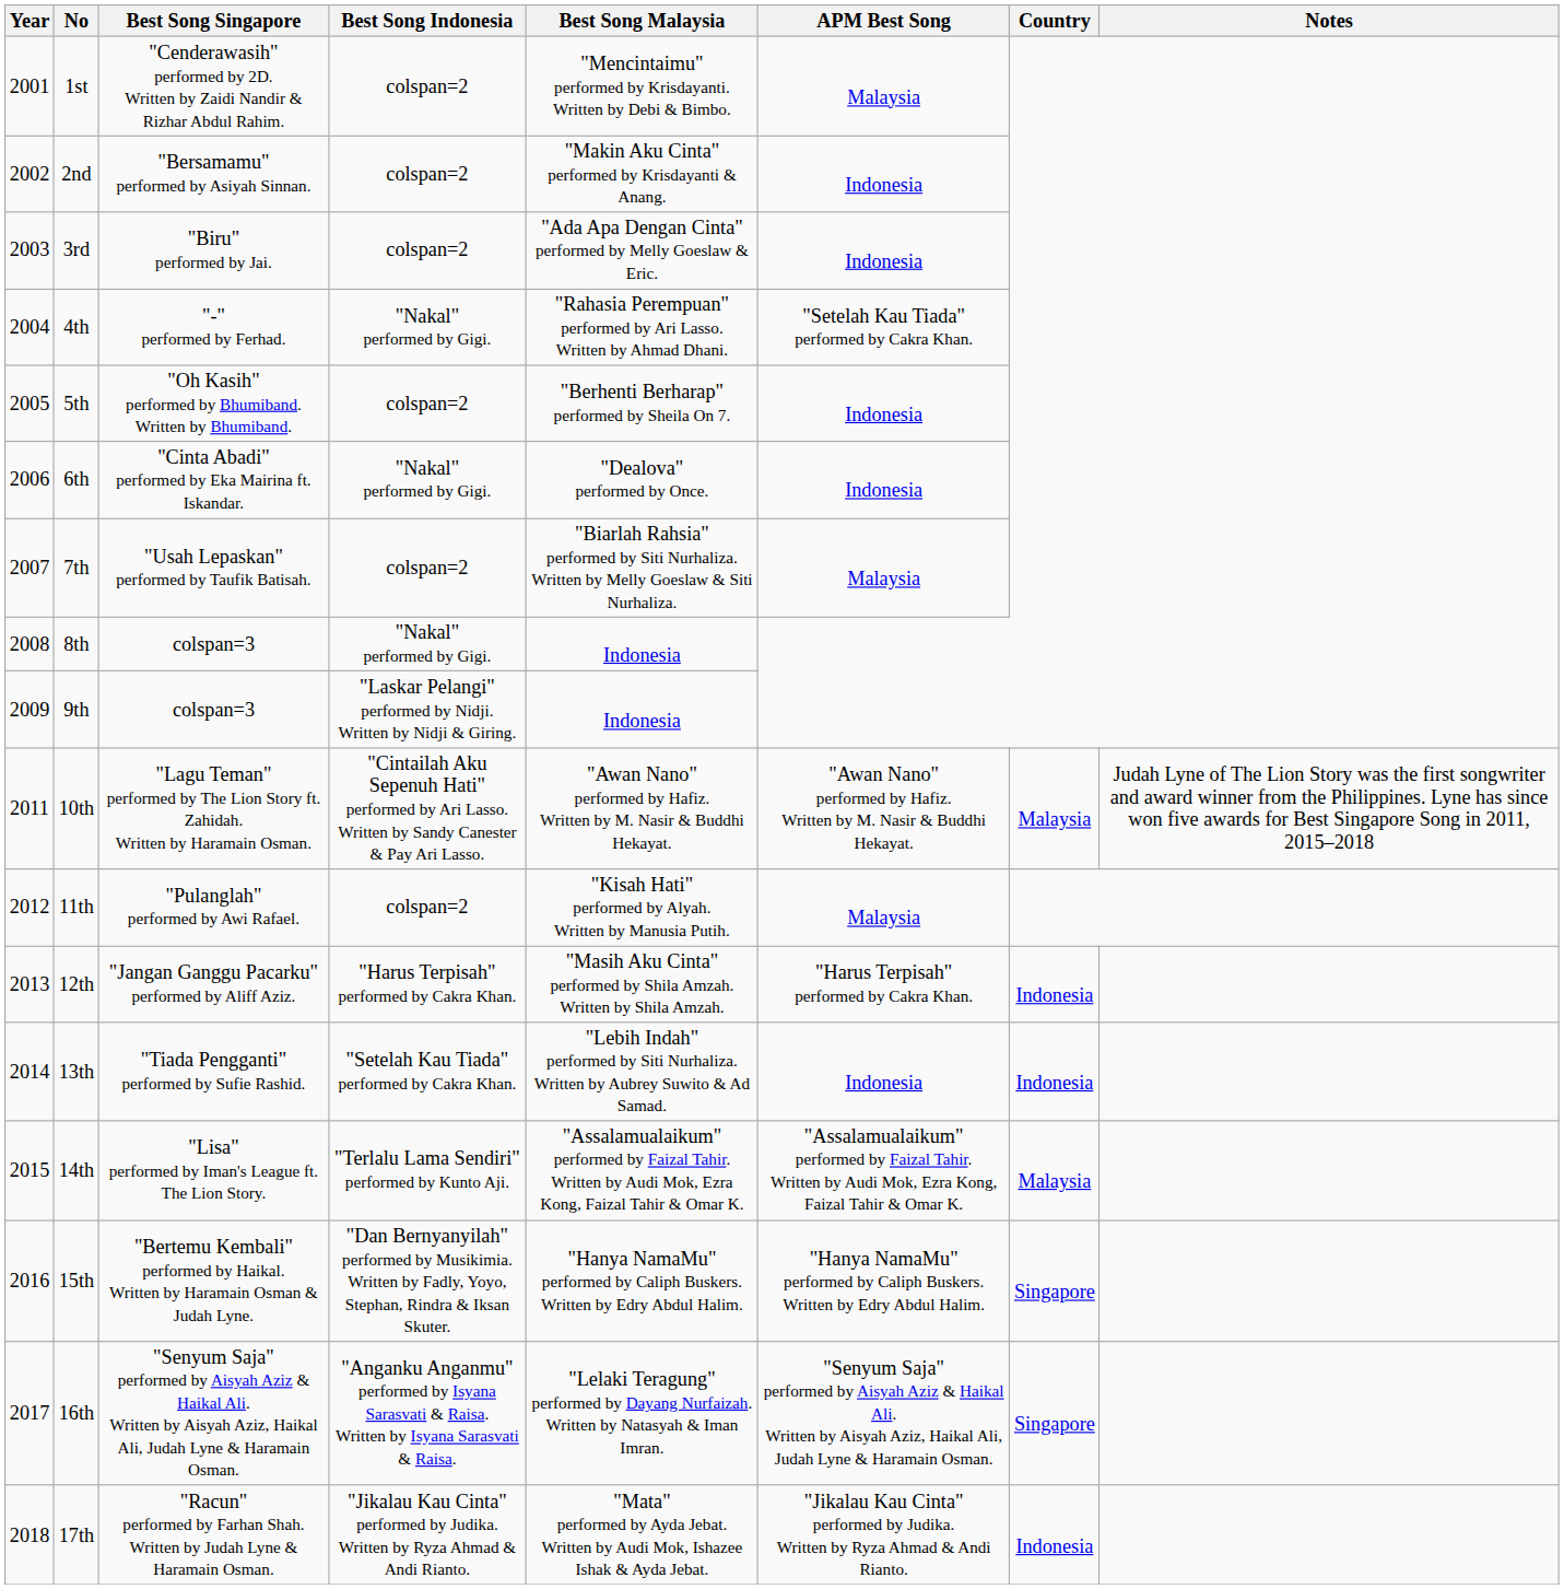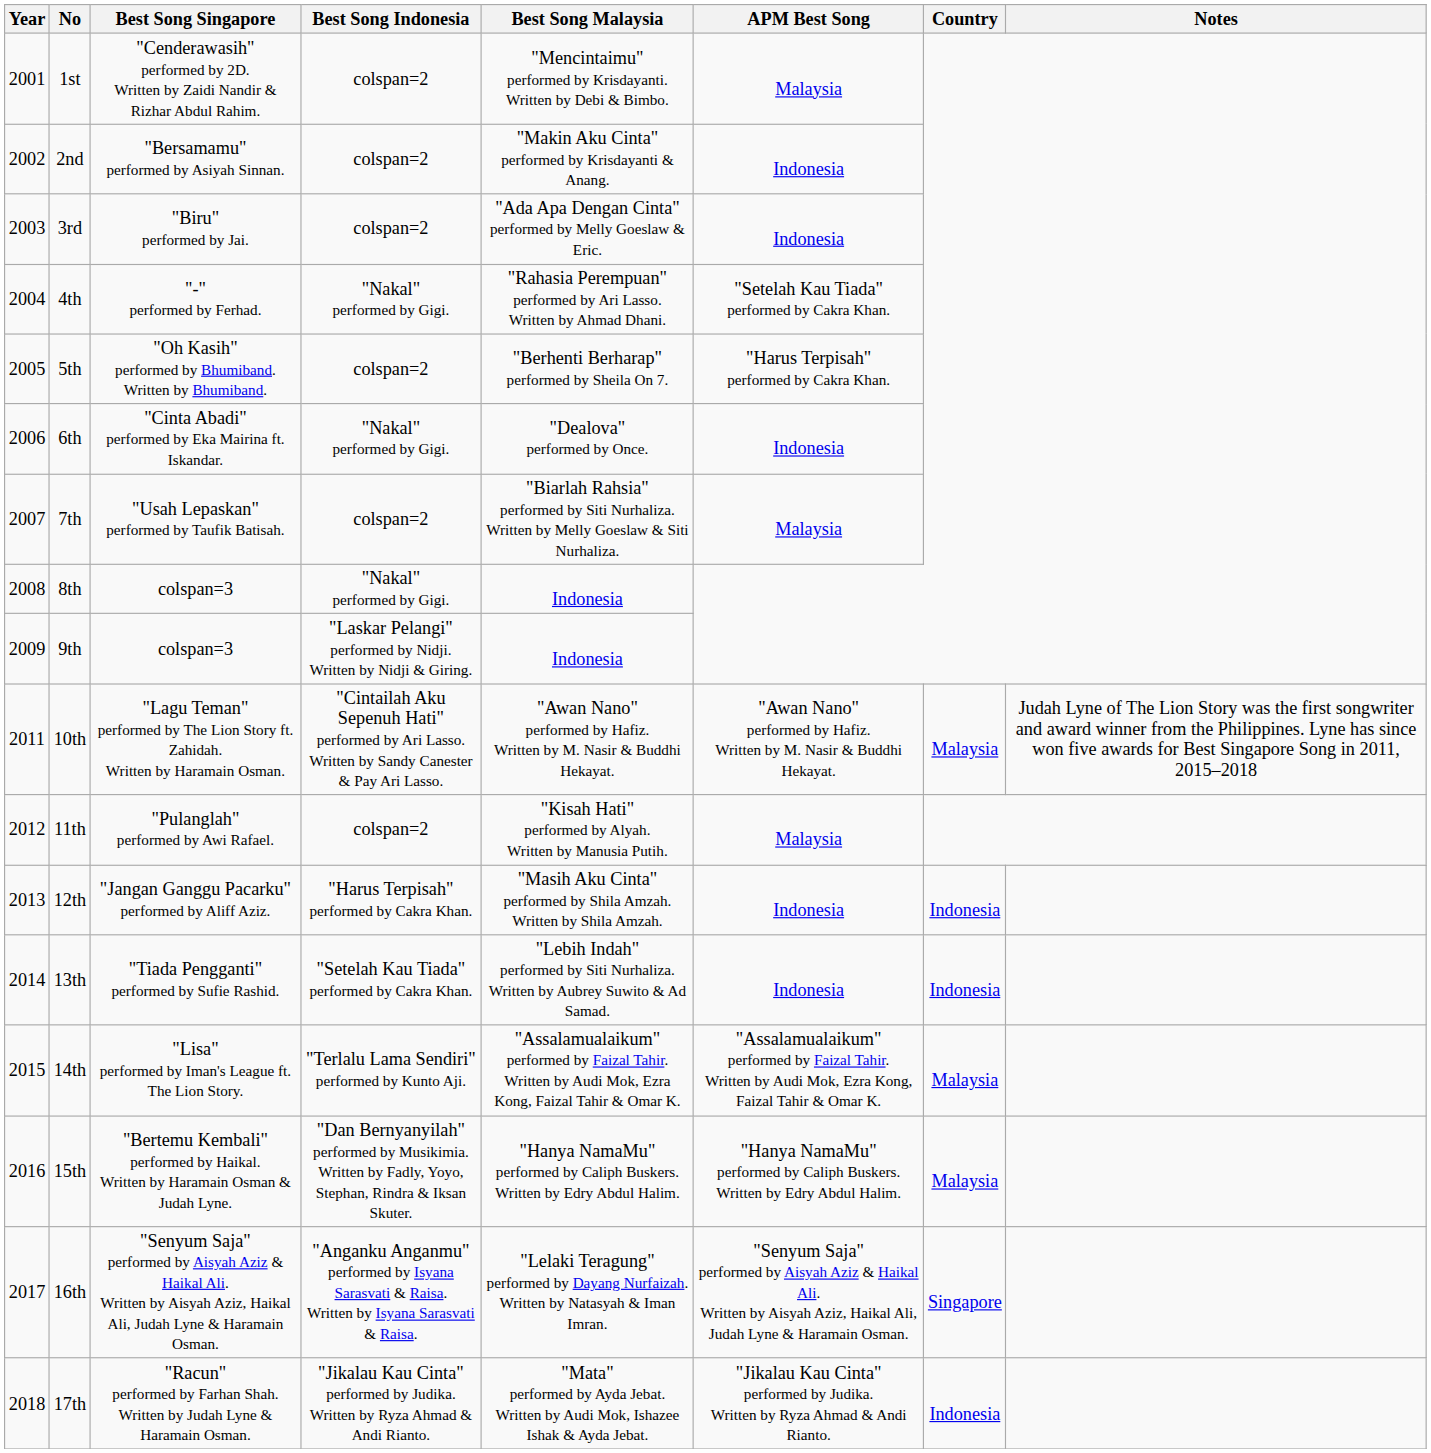 <table class="wikitable" style="text-align:center">
 <tr>
 <th>Year</th>
 <th>No</th>
 <th>Best Song Singapore</th>
 <th>Best Song Indonesia</th>
 <th>Best Song Malaysia</th>
 <th>APM Best Song</th>
 <th>Country</th>
 <th>Notes</th>
 </tr>
 <tr>
 <td>2001</td>
 <td>1st</td>
 <td>"Cenderawasih"<br><small>performed by 2D.<br> Written by Zaidi Nandir & Rizhar Abdul Rahim.</small></td>
 <td>colspan=2</td>
 <td>"Mencintaimu"<br><small>performed by Krisdayanti.<br> Written by Debi & Bimbo.</small></td>
 <td> <br> <a href='#'>Malaysia</a></td>
 </tr>
 <tr>
 <td>2002</td>
 <td>2nd</td>
 <td>"Bersamamu"<br><small>performed by Asiyah Sinnan.</small></td>
 <td>colspan=2</td>
 <td>"Makin Aku Cinta"<br><small>performed by Krisdayanti & Anang.</small></td>
 <td> <br> <a href='#'>Indonesia</a></td>
 </tr>
 <tr>
 <td>2003</td>
 <td>3rd</td>
 <td>"Biru"<br><small>performed by Jai.</small></td>
 <td>colspan=2</td>
 <td>"Ada Apa Dengan Cinta"<br><small>performed by Melly Goeslaw & Eric.</small></td>
 <td> <br> <a href='#'>Indonesia</a></td>
 </tr>
 <tr>
 <td>2004</td>
 <td>4th</td>
 <td>"-"<br><small>performed by Ferhad.</small></td>
 <td>"Nakal"<br><small>performed by Gigi. </small></td>
 <td>"Rahasia Perempuan"<br><small>performed by Ari Lasso.<br> Written by Ahmad Dhani.</small></td>
 <td>"Setelah Kau Tiada"<br><small>performed by Cakra Khan. </small></td>
 </tr>
 <tr>
 <td>2005</td>
 <td>5th</td>
 <td>"Oh Kasih"<br><small>performed by <a href='#'>Bhumiband</a>. <br> Written by <a href='#'>Bhumiband</a>.</small></td>
 <td>colspan=2</td>
 <td>"Berhenti Berharap"<br><small>performed by Sheila On 7. </small></td>
-<td> <br> <a href='#'>Indonesia</a></td>
+<td>"Harus Terpisah"<br><small>performed by Cakra Khan. </small></td>
 </tr>
 <tr>
 <td>2006</td>
 <td>6th</td>
 <td>"Cinta Abadi"<br><small>performed by Eka Mairina ft. Iskandar.</small></td>
 <td>"Nakal"<br><small>performed by Gigi. </small></td>
 <td>"Dealova"<br><small>performed by Once. </small></td>
 <td> <br> <a href='#'>Indonesia</a></td>
 </tr>
 <tr>
 <td>2007</td>
 <td>7th</td>
 <td>"Usah Lepaskan"<br><small>performed by Taufik Batisah.</small></td>
 <td>colspan=2</td>
 <td>"Biarlah Rahsia"<br><small>performed by Siti Nurhaliza. <br> Written by Melly Goeslaw & Siti Nurhaliza.</small></td>
 <td> <br> <a href='#'>Malaysia</a></td>
 </tr>
 <tr>
 <td>2008</td>
 <td>8th</td>
 <td>colspan=3</td>
 <td>"Nakal"<br><small>performed by Gigi. </small></td>
 <td> <br> <a href='#'>Indonesia</a></td>
 </tr>
 <tr>
 <td>2009</td>
 <td>9th</td>
 <td>colspan=3</td>
 <td>"Laskar Pelangi"<br><small>performed by Nidji. <br> Written by Nidji & Giring.</small></td>
 <td> <br> <a href='#'>Indonesia</a></td>
 </tr>
 <tr>
 <td>2011</td>
 <td>10th</td>
 <td>"Lagu Teman"<br><small>performed by The Lion Story ft. Zahidah. <br> Written by Haramain Osman.</small></td>
 <td>"Cintailah Aku Sepenuh Hati"<br><small>performed by Ari Lasso. <br> Written by Sandy Canester & Pay Ari Lasso.</small></td>
 <td>"Awan Nano"<br><small>performed by Hafiz. <br> Written by M. Nasir & Buddhi Hekayat.</small></td>
 <td>"Awan Nano"<br><small>performed by Hafiz. <br> Written by M. Nasir & Buddhi Hekayat.</small></td>
 <td> <br> <a href='#'>Malaysia</a></td>
 <td>Judah Lyne of The Lion Story was the first songwriter and award winner from the Philippines. Lyne has since won five awards for Best Singapore Song in 2011, 2015–2018</td>
 </tr>
 <tr>
 <td>2012</td>
 <td>11th</td>
 <td>"Pulanglah"<br><small>performed by Awi Rafael. </small></td>
 <td>colspan=2</td>
 <td>"Kisah Hati"<br><small>performed by Alyah. <br> Written by Manusia Putih.</small></td>
 <td> <br> <a href='#'>Malaysia</a></td>
 </tr>
 <tr>
 <td>2013</td>
 <td>12th</td>
 <td>"Jangan Ganggu Pacarku"<br><small>performed by Aliff Aziz. </small></td>
 <td>"Harus Terpisah"<br><small>performed by Cakra Khan. </small></td>
 <td>"Masih Aku Cinta"<br><small>performed by Shila Amzah.<br> Written by Shila Amzah.</small></td>
-<td>"Harus Terpisah"<br><small>performed by Cakra Khan. </small></td>
+<td> <br> <a href='#'>Indonesia</a></td>
 <td> <br> <a href='#'>Indonesia</a></td>
 <td></td>
 </tr>
 <tr>
 <td>2014</td>
 <td>13th</td>
 <td>"Tiada Pengganti"<br><small>performed by Sufie Rashid. </small></td>
 <td>"Setelah Kau Tiada"<br><small>performed by Cakra Khan. </small></td>
 <td>"Lebih Indah"<br><small>performed by Siti Nurhaliza.<br> Written by Aubrey Suwito & Ad Samad.</small></td>
 <td> <br> <a href='#'>Indonesia</a></td>
 <td> <br> <a href='#'>Indonesia</a></td>
 <td></td>
 </tr>
 <tr>
 <td>2015</td>
 <td>14th</td>
 <td>"Lisa"<br><small>performed by Iman's League ft. The Lion Story. </small></td>
 <td>"Terlalu Lama Sendiri"<br><small>performed by Kunto Aji. </small></td>
 <td>"Assalamualaikum"<br><small>performed by <a href='#'>Faizal Tahir</a>.<br> Written by Audi Mok, Ezra Kong, Faizal Tahir & Omar K.</small></td>
 <td>"Assalamualaikum"<br><small>performed by <a href='#'>Faizal Tahir</a>.<br> Written by Audi Mok, Ezra Kong, Faizal Tahir & Omar K.</small></td>
 <td> <br> <a href='#'>Malaysia</a></td>
 <td></td>
 </tr>
 <tr>
 <td>2016</td>
 <td>15th</td>
 <td>"Bertemu Kembali"<br><small>performed by Haikal.<br> Written by Haramain Osman & Judah Lyne.</small></td>
 <td>"Dan Bernyanyilah"<br><small>performed by Musikimia. <br> Written by Fadly, Yoyo, Stephan, Rindra & Iksan Skuter.</small></td>
 <td>"Hanya NamaMu"<br><small>performed by Caliph Buskers.<br> Written by Edry Abdul Halim.</small></td>
 <td>"Hanya NamaMu"<br><small>performed by Caliph Buskers.<br> Written by Edry Abdul Halim.</small></td>
-<td> <br> <a href='#'>Singapore</a></td>
+<td> <br> <a href='#'>Malaysia</a></td>
 <td></td>
 </tr>
 <tr>
 <td>2017</td>
 <td>16th</td>
 <td>"Senyum Saja"<br><small>performed by <a href='#'>Aisyah Aziz</a> & <a href='#'>Haikal Ali</a>.<br> Written by Aisyah Aziz, Haikal Ali, Judah Lyne & Haramain Osman.</small></td>
 <td>"Anganku Anganmu"<br><small>performed by <a href='#'>Isyana Sarasvati</a> & <a href='#'>Raisa</a>. <br> Written by <a href='#'>Isyana Sarasvati</a> & <a href='#'>Raisa</a>.</small></td>
 <td>"Lelaki Teragung"<br><small>performed by <a href='#'>Dayang Nurfaizah</a>.<br> Written by Natasyah & Iman Imran.</small></td>
 <td>"Senyum Saja"<br><small>performed by <a href='#'>Aisyah Aziz</a> & <a href='#'>Haikal Ali</a>.<br> Written by Aisyah Aziz, Haikal Ali, Judah Lyne & Haramain Osman.</small></td>
 <td> <br> <a href='#'>Singapore</a></td>
 <td></td>
 </tr>
 <tr>
 <td>2018</td>
 <td>17th</td>
 <td>"Racun"<br><small>performed by Farhan Shah.<br> Written by Judah Lyne & Haramain Osman.</small></td>
 <td>"Jikalau Kau Cinta"<br><small>performed by Judika. <br> Written by Ryza Ahmad & Andi Rianto.</small></td>
 <td>"Mata"<br><small>performed by Ayda Jebat.<br> Written by Audi Mok, Ishazee Ishak & Ayda Jebat.</small></td>
 <td>"Jikalau Kau Cinta"<br><small>performed by Judika. <br> Written by Ryza Ahmad & Andi Rianto.</small></td>
 <td> <br> <a href='#'>Indonesia</a></td>
 <td></td>
 </tr>
 </table>
